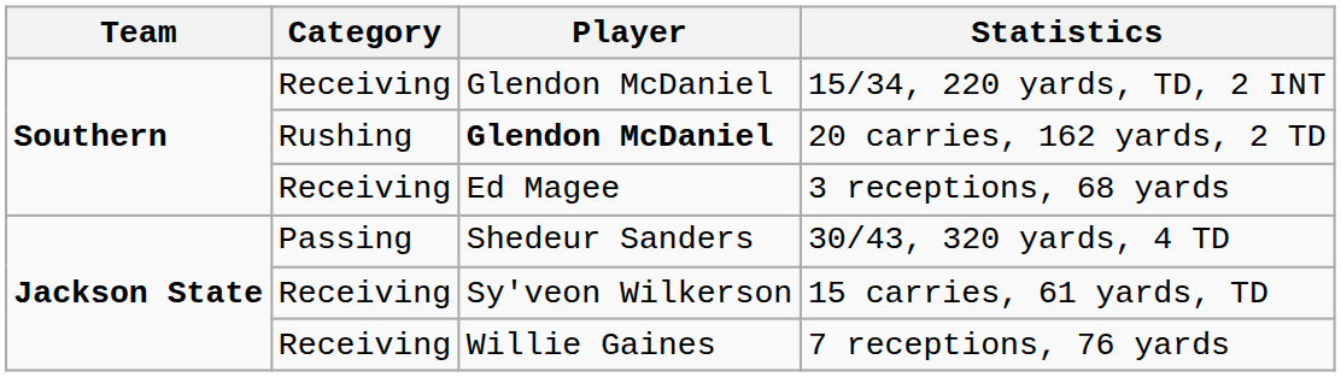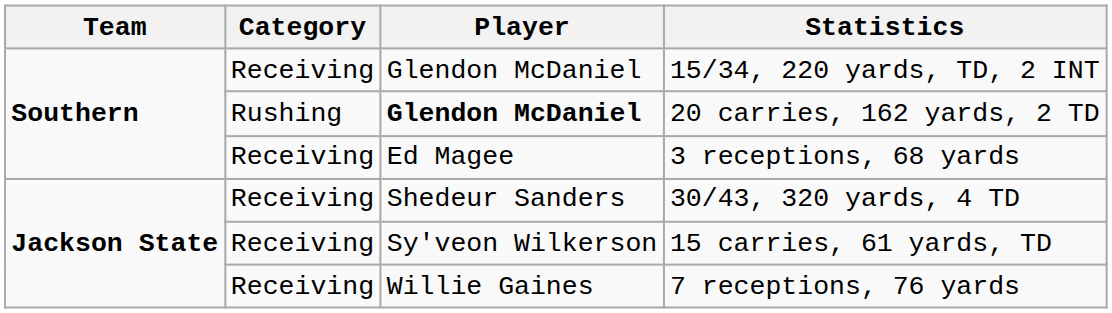 <table class="wikitable" style="float: left;">
 <tr>
 <th>Team</th>
 <th>Category</th>
 <th>Player</th>
 <th>Statistics</th>
 </tr>
 <tr>
 <td rowspan=3><strong>Southern</strong></td>
 <td>Receiving</td>
 <td>Glendon McDaniel</td>
 <td>15/34, 220 yards, TD, 2 INT</td>
 </tr>
 <tr>
 <td>Rushing</td>
 <td><strong>Glendon McDaniel</strong></td>
 <td>20 carries, 162 yards, 2 TD</td>
 </tr>
 <tr>
 <td>Receiving</td>
 <td>Ed Magee</td>
 <td>3 receptions, 68 yards</td>
 </tr>
 <tr>
 <td rowspan=3><strong>Jackson State</strong></td>
-<td>Passing</td>
+<td>Receiving</td>
 <td>Shedeur Sanders</td>
 <td>30/43, 320 yards, 4 TD</td>
 </tr>
 <tr>
 <td>Receiving</td>
 <td>Sy'veon Wilkerson</td>
 <td>15 carries, 61 yards, TD</td>
 </tr>
 <tr>
 <td>Receiving</td>
 <td>Willie Gaines</td>
 <td>7 receptions, 76 yards</td>
 </tr>
 </table>
